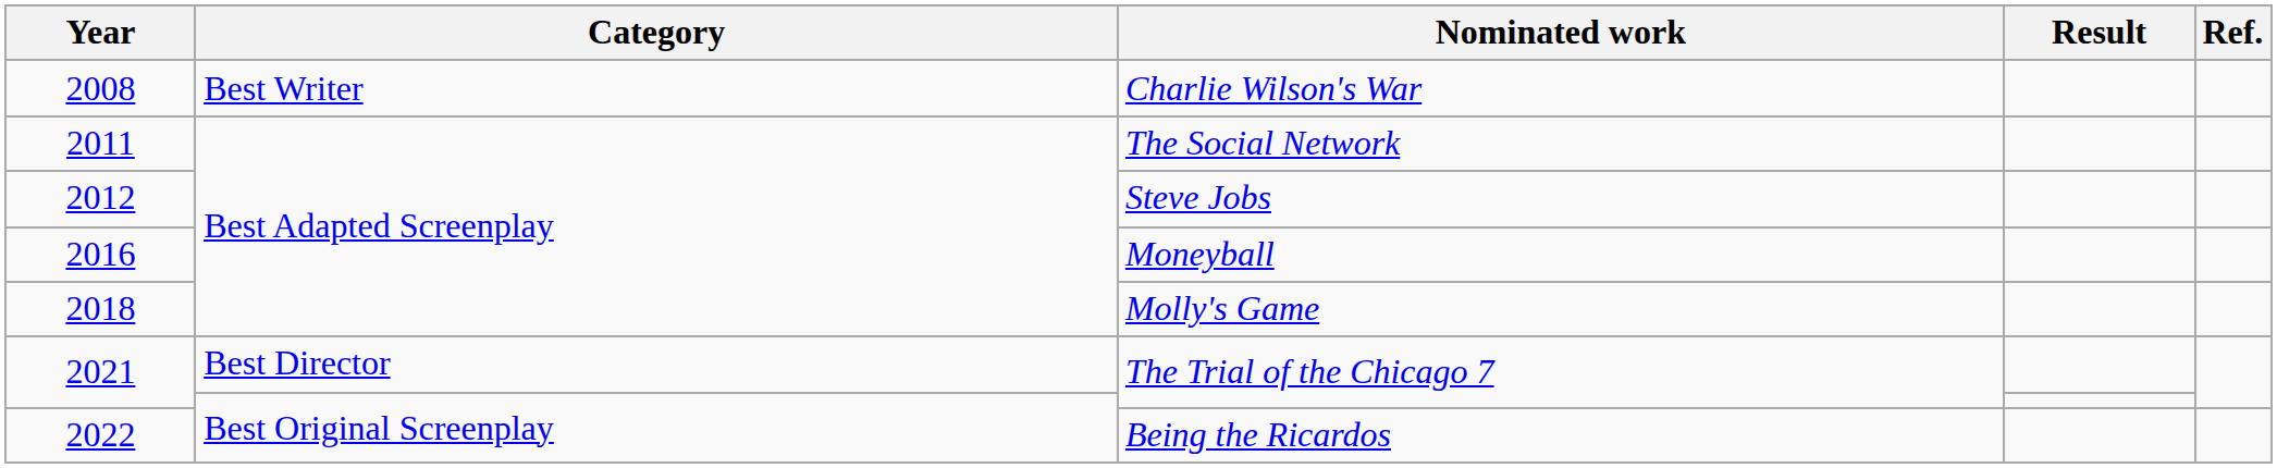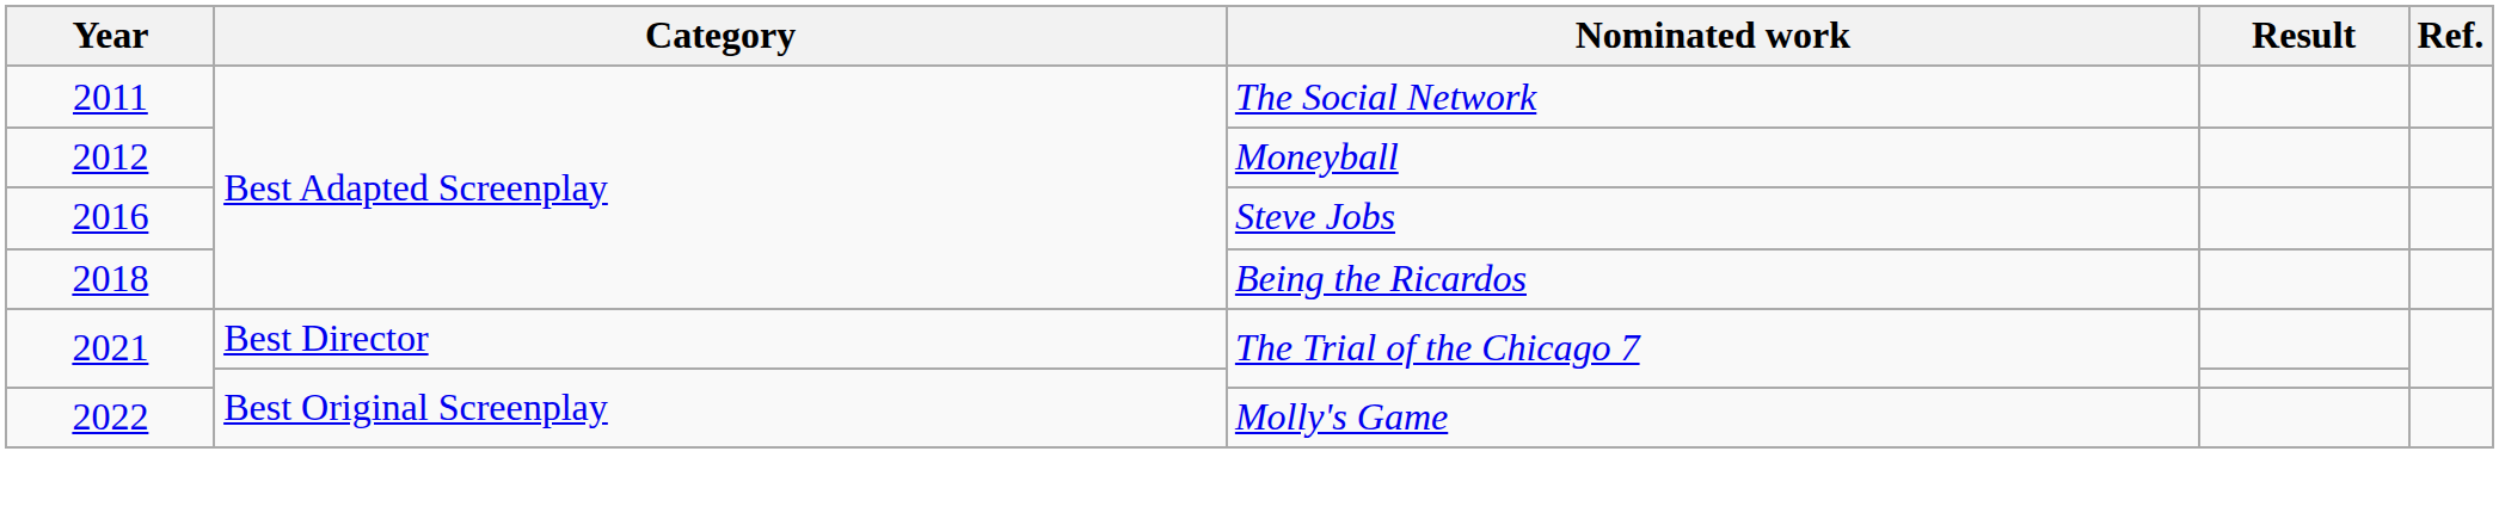 <table class=wikitable>
 <tr>
 <th scope="col" style="width:5em;">Year</th>
 <th scope="col" style="width:26em;">Category</th>
 <th scope="col" style="width:25em;">Nominated work</th>
 <th scope="col" style="width:5em;">Result</th>
 <th>Ref.</th>
-</tr>
-<tr>
-<td style="text-align:center;"><a href='#'>2008</a></td>
-<td><a href='#'>Best Writer</a></td>
-<td><em><a href='#'>Charlie Wilson's War</a></em></td>
-<td></td>
-<td></td>
 </tr>
 <tr>
 <td style="text-align:center;"><a href='#'>2011</a></td>
 <td rowspan=4><a href='#'>Best Adapted Screenplay</a></td>
 <td><em><a href='#'>The Social Network</a></em></td>
 <td></td>
 <td></td>
 </tr>
 <tr>
 <td style="text-align:center;"><a href='#'>2012</a></td>
+<td><em><a href='#'>Moneyball</a></em></td>
+<td></td>
+<td></td>
+</tr>
+<tr>
+<td style="text-align:center;"><a href='#'>2016</a></td>
 <td><em><a href='#'>Steve Jobs</a></em></td>
 <td></td>
 <td></td>
 </tr>
 <tr>
-<td style="text-align:center;"><a href='#'>2016</a></td>
-<td><em><a href='#'>Moneyball</a></em></td>
-<td></td>
-<td></td>
-</tr>
-<tr>
 <td style="text-align:center;"><a href='#'>2018</a></td>
-<td><em><a href='#'>Molly's Game</a></em></td>
+<td><em><a href='#'>Being the Ricardos</a></em></td>
 <td></td>
 <td></td>
 </tr>
 <tr>
 <td style="text-align:center;", rowspan="2"><a href='#'>2021</a></td>
 <td><a href='#'>Best Director</a></td>
 <td rowspan="2"><em><a href='#'>The Trial of the Chicago 7</a></em></td>
 <td></td>
 <td rowspan="2"></td>
 </tr>
 <tr>
 <td rowspan="2"><a href='#'>Best Original Screenplay</a></td>
 <td></td>
 </tr>
 <tr>
 <td style="text-align:center"><a href='#'>2022</a></td>
-<td><em><a href='#'>Being the Ricardos</a></em></td>
+<td><em><a href='#'>Molly's Game</a></em></td>
 <td></td>
 <td></td>
 </tr>
 </table>
